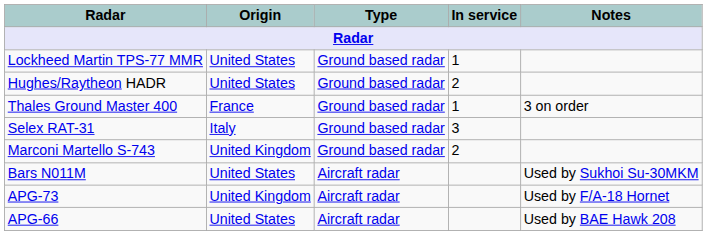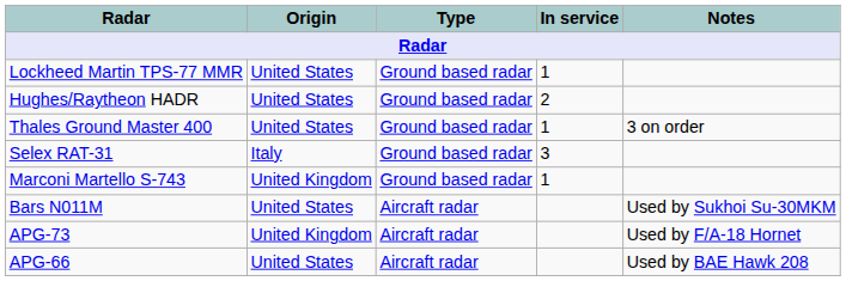 <table class="wikitable">
 <tr>
 <th style="text-align:center; background:#acc;">Radar</th>
 <th style="text-align: center; background:#acc;">Origin</th>
 <th style="text-align:l center; background:#acc;">Type</th>
 <th style="text-align:l center; background:#acc;">In service</th>
 <th style="text-align: center; background:#acc;">Notes</th>
 </tr>
 <tr>
 <th colspan="5" style="align: center; background: lavender;"><a href='#'>Radar</a></th>
 </tr>
 <tr>
 <td><a href='#'>Lockheed Martin TPS-77 MMR</a></td>
 <td><a href='#'>United States</a></td>
 <td><a href='#'>Ground based radar</a></td>
 <td>1</td>
 <td></td>
 </tr>
 <tr>
 <td><a href='#'>Hughes/Raytheon</a> HADR</td>
 <td><a href='#'>United States</a></td>
 <td><a href='#'>Ground based radar</a></td>
 <td>2</td>
 <td></td>
 </tr>
 <tr>
 <td><a href='#'>Thales Ground Master 400</a></td>
-<td><a href='#'>France</a></td>
+<td><a href='#'>United States</a></td>
 <td><a href='#'>Ground based radar</a></td>
 <td>1</td>
 <td>3 on order</td>
 </tr>
 <tr>
 <td><a href='#'>Selex RAT-31</a></td>
 <td><a href='#'>Italy</a></td>
 <td><a href='#'>Ground based radar</a></td>
 <td>3</td>
 <td></td>
 </tr>
 <tr>
 <td><a href='#'>Marconi Martello S-743</a></td>
 <td><a href='#'>United Kingdom</a></td>
 <td><a href='#'>Ground based radar</a></td>
-<td>2</td>
+<td>1</td>
 <td></td>
 </tr>
 <tr>
 <td><a href='#'>Bars N011M</a></td>
 <td><a href='#'>United States</a></td>
 <td><a href='#'>Aircraft radar</a></td>
 <td></td>
 <td>Used by <a href='#'>Sukhoi Su-30MKM</a></td>
 </tr>
 <tr>
 <td><a href='#'>APG-73</a></td>
 <td><a href='#'>United Kingdom</a></td>
 <td><a href='#'>Aircraft radar</a></td>
 <td></td>
 <td>Used by <a href='#'>F/A-18 Hornet</a></td>
 </tr>
 <tr>
 <td><a href='#'>APG-66</a></td>
 <td><a href='#'>United States</a></td>
 <td><a href='#'>Aircraft radar</a></td>
 <td></td>
 <td>Used by <a href='#'>BAE Hawk 208</a></td>
 </tr>
 </table>
